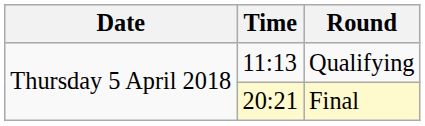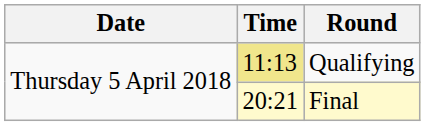 <table class="wikitable">
 <tr>
 <th>Date</th>
 <th>Time</th>
 <th>Round</th>
 </tr>
 <tr>
 <td rowspan=2>Thursday 5 April 2018</td>
-<td>11:13</td>
+<td style="background: khaki;">11:13</td>
 <td>Qualifying</td>
 </tr>
 <tr>
 <td style=background:lemonchiffon>20:21</td>
 <td style=background:lemonchiffon>Final</td>
 </tr>
 </table>
